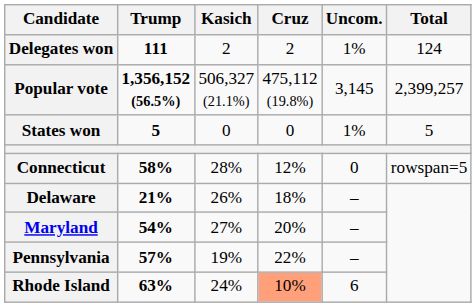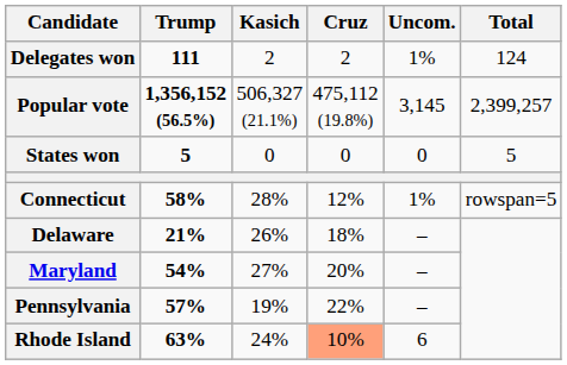 <table class="wikitable" style="font-size:12px; text-align: center;">
 <tr>
 <th>Candidate</th>
 <th><strong>Trump</strong></th>
 <th>Kasich</th>
 <th>Cruz</th>
 <th>Uncom.</th>
 <th>Total</th>
 </tr>
 <tr>
 <th>Delegates won</th>
 <td><strong>111</strong></td>
 <td> 2</td>
 <td> 2</td>
 <td>1%</td>
 <td>124</td>
 </tr>
 <tr>
 <th>Popular vote</th>
 <td><strong>1,356,152<br><small>(56.5%)</small></strong></td>
 <td> 506,327<br><small>(21.1%)</small></td>
 <td> 475,112<br><small>(19.8%)</small></td>
 <td> 3,145  </td>
 <td>2,399,257 </td>
 </tr>
 <tr>
 <th>States won</th>
 <td><strong>5</strong></td>
 <td> 0</td>
 <td> 0</td>
-<td>1%</td>
+<td> 0</td>
 <td>5</td>
 </tr>
 <tr>
 <th colspan="6"></th>
 </tr>
 <tr>
 <th>Connecticut</th>
 <td><strong>58%</strong></td>
 <td>28%</td>
 <td>12%</td>
-<td> 0</td>
+<td>1%</td>
 <td>rowspan=5 </td>
 </tr>
 <tr>
 <th>Delaware</th>
 <td><strong>21%</strong></td>
 <td>26%</td>
 <td>18%</td>
 <td> –</td>
 </tr>
 <tr>
 <th><a href='#'>Maryland</a></th>
 <td><strong>54%</strong></td>
 <td>27%</td>
 <td>20%</td>
 <td> –</td>
 </tr>
 <tr>
 <th>Pennsylvania</th>
 <td><strong>57%</strong></td>
 <td>19%</td>
 <td>22%</td>
 <td> –</td>
 </tr>
 <tr>
 <th>Rhode Island</th>
 <td><strong>63%</strong></td>
 <td>24%</td>
 <td style="background: lightsalmon;">10%</td>
 <td> 6</td>
 </tr>
 </table>
